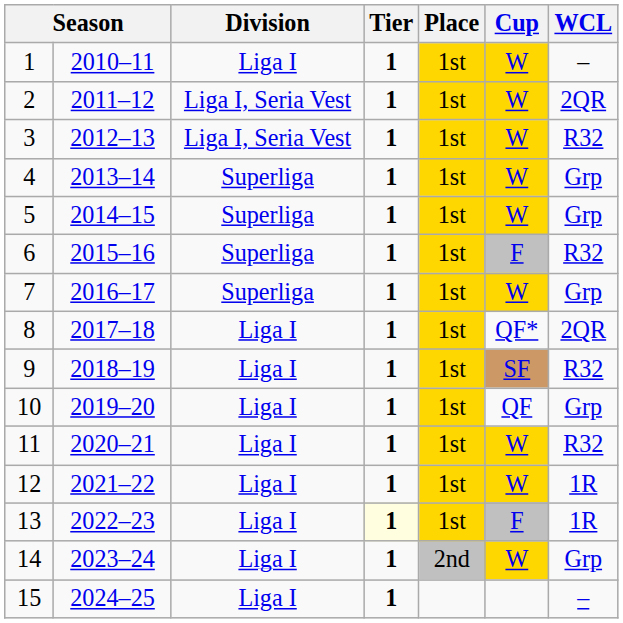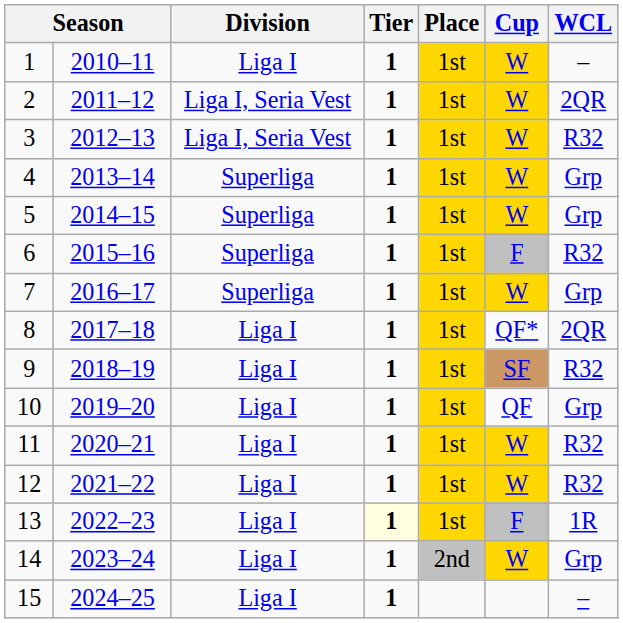 <table class="wikitable" style="text-align:center; font-size:100%">
 <tr>
 <th rowspan=1 colspan=2 style="width: 103px;">Season</th>
 <th style="width: 120px;">Division</th>
 <th style="width: 25px;">Tier</th>
 <th style="width: 35px;">Place</th>
 <th style="width: 35px;"><a href='#'>Cup</a></th>
 <th style="width: 35px;"><a href='#'>WCL</a></th>
 </tr>
 <tr>
 <td style="width: 25px;">1</td>
 <td><a href='#'>2010–11</a></td>
 <td><a href='#'>Liga I</a></td>
 <td><strong>1</strong></td>
 <td align=center bgcolor=gold>1st</td>
 <td align=center bgcolor=gold><a href='#'>W</a></td>
 <td>–</td>
 </tr>
 <tr>
 <td>2</td>
 <td><a href='#'>2011–12</a></td>
 <td><a href='#'>Liga I, Seria Vest</a></td>
 <td><strong>1</strong></td>
 <td align=center bgcolor=gold>1st</td>
 <td align=center bgcolor=gold><a href='#'>W</a></td>
 <td><a href='#'>2QR</a></td>
 </tr>
 <tr>
 <td>3</td>
 <td><a href='#'>2012–13</a></td>
 <td><a href='#'>Liga I, Seria Vest</a></td>
 <td><strong>1</strong></td>
 <td align=center bgcolor=gold>1st</td>
 <td align=center bgcolor=gold><a href='#'>W</a></td>
 <td><a href='#'>R32</a></td>
 </tr>
 <tr>
 <td>4</td>
 <td><a href='#'>2013–14</a></td>
 <td><a href='#'>Superliga</a></td>
 <td><strong>1</strong></td>
 <td align=center bgcolor=gold>1st</td>
 <td align=center bgcolor=gold><a href='#'>W</a></td>
 <td><a href='#'>Grp</a></td>
 </tr>
 <tr>
 <td>5</td>
 <td><a href='#'>2014–15</a></td>
 <td><a href='#'>Superliga</a></td>
 <td><strong>1</strong></td>
 <td align=center bgcolor=gold>1st</td>
 <td align=center bgcolor=gold><a href='#'>W</a></td>
 <td><a href='#'>Grp</a></td>
 </tr>
 <tr>
 <td>6</td>
 <td><a href='#'>2015–16</a></td>
 <td><a href='#'>Superliga</a></td>
 <td><strong>1</strong></td>
 <td align=center bgcolor=gold>1st</td>
 <td align=center bgcolor=silver><a href='#'>F</a></td>
 <td><a href='#'>R32</a></td>
 </tr>
 <tr>
 <td>7</td>
 <td><a href='#'>2016–17</a></td>
 <td><a href='#'>Superliga</a></td>
 <td><strong>1</strong></td>
 <td align=center bgcolor=gold>1st</td>
 <td align=center bgcolor=gold><a href='#'>W</a></td>
 <td><a href='#'>Grp</a></td>
 </tr>
 <tr>
 <td>8</td>
 <td><a href='#'>2017–18</a></td>
 <td><a href='#'>Liga I</a></td>
 <td><strong>1</strong></td>
 <td align=center bgcolor=gold>1st</td>
 <td><a href='#'>QF*</a></td>
 <td><a href='#'>2QR</a></td>
 </tr>
 <tr>
 <td>9</td>
 <td><a href='#'>2018–19</a></td>
 <td><a href='#'>Liga I</a></td>
 <td><strong>1</strong></td>
 <td align=center bgcolor=gold>1st</td>
 <td align=center bgcolor=#CC9966><a href='#'>SF</a></td>
 <td><a href='#'>R32</a></td>
 </tr>
 <tr>
 <td>10</td>
 <td><a href='#'>2019–20</a></td>
 <td><a href='#'>Liga I</a></td>
 <td><strong>1</strong></td>
 <td align=center bgcolor=gold>1st</td>
 <td><a href='#'>QF</a></td>
 <td><a href='#'>Grp</a></td>
 </tr>
 <tr>
 <td>11</td>
 <td><a href='#'>2020–21</a></td>
 <td><a href='#'>Liga I</a></td>
 <td><strong>1</strong></td>
 <td align=center bgcolor=gold>1st</td>
 <td align=center bgcolor=gold><a href='#'>W</a></td>
 <td><a href='#'>R32</a></td>
 </tr>
 <tr>
 <td>12</td>
 <td><a href='#'>2021–22</a></td>
 <td><a href='#'>Liga I</a></td>
 <td><strong>1</strong></td>
 <td align=center bgcolor=gold>1st</td>
 <td align=center bgcolor=gold><a href='#'>W</a></td>
-<td><a href='#'>1R</a></td>
+<td><a href='#'>R32</a></td>
 </tr>
 <tr>
 <td>13</td>
 <td><a href='#'>2022–23</a></td>
 <td><a href='#'>Liga I</a></td>
 <td style="background: lightyellow;"><strong>1</strong></td>
 <td align=center bgcolor=gold>1st</td>
 <td align=center bgcolor=silver><a href='#'>F</a></td>
 <td><a href='#'>1R</a></td>
 </tr>
 <tr>
 <td>14</td>
 <td><a href='#'>2023–24</a></td>
 <td><a href='#'>Liga I</a></td>
 <td><strong>1</strong></td>
 <td align=center bgcolor=silver>2nd</td>
 <td align=center bgcolor=gold><a href='#'>W</a></td>
 <td><a href='#'>Grp</a></td>
 </tr>
 <tr>
 <td>15</td>
 <td><a href='#'>2024–25</a></td>
 <td><a href='#'>Liga I</a></td>
 <td><strong>1</strong></td>
 <td align=center bgcolor=></td>
 <td align=center bgcolor=><a href='#'></a></td>
 <td><a href='#'> –</a></td>
 </tr>
 </table>
